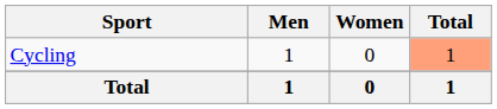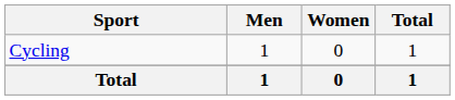 <table class="wikitable sortable" style="text-align:center;">
 <tr>
 <th width=180>Sport</th>
 <th width=55>Men</th>
 <th width=55>Women</th>
 <th width=55>Total</th>
 </tr>
 <tr>
 <td align=left><a href='#'>Cycling</a></td>
 <td>1</td>
 <td>0</td>
-<td style="background: lightsalmon;">1</td>
+<td>1</td>
 </tr>
 <tr>
 </tr>
 <tr class="sortbottom">
 <th>Total</th>
 <th>1</th>
 <th>0</th>
 <th>1</th>
 </tr>
 </table>
